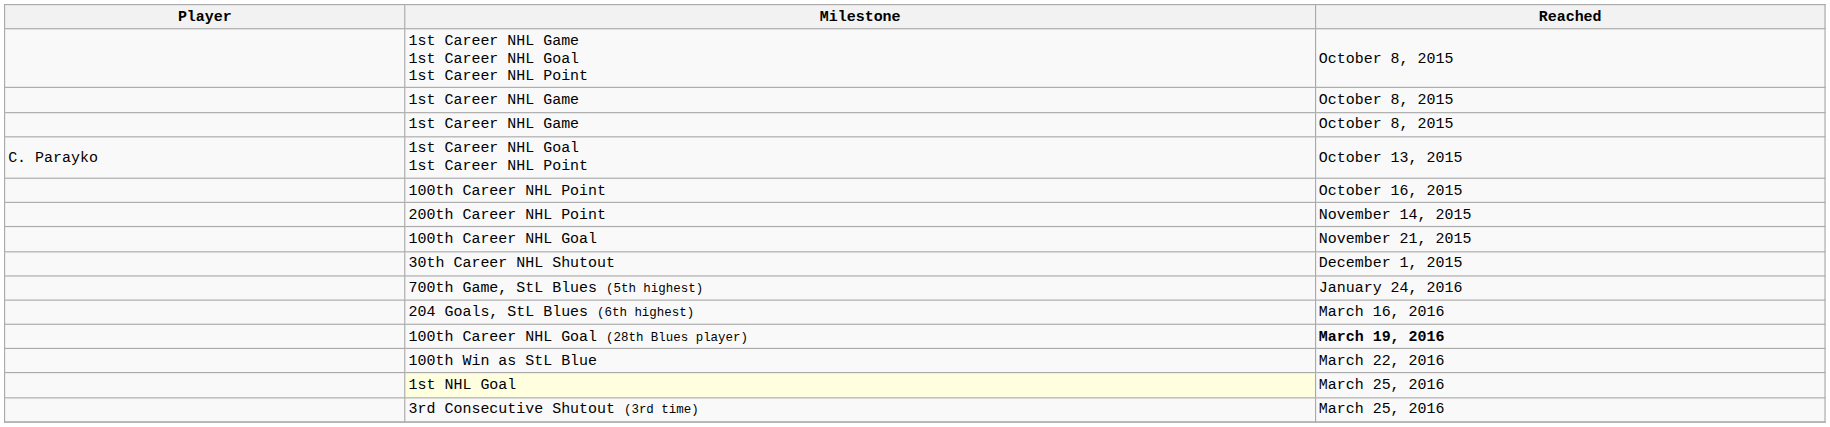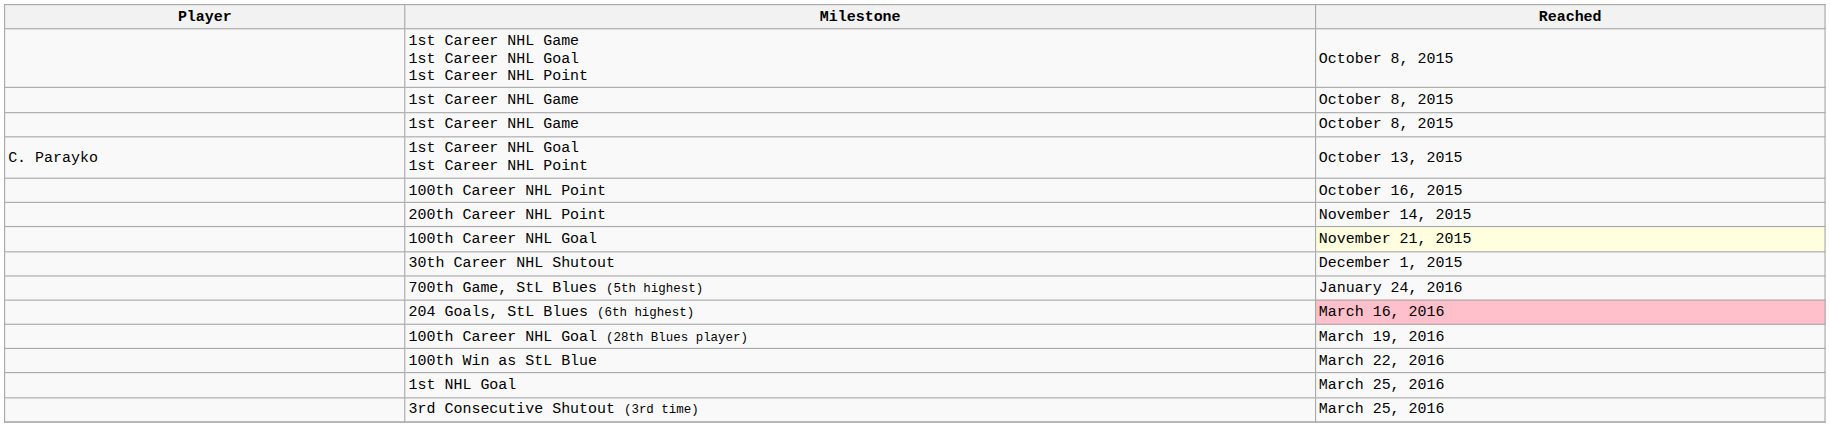 <table class="wikitable sortable" style="width:100%;">
 <tr align=center>
 <th style="width:22%;">Player</th>
 <th style="width:50%;">Milestone</th>
 <th style="width:28%;" data-sort-type="date">Reached</th>
 </tr>
 <tr>
 <td></td>
 <td>1st Career NHL Game<br>1st Career NHL Goal<br>1st Career NHL Point</td>
 <td>October 8, 2015</td>
 </tr>
 <tr>
 <td></td>
 <td>1st Career NHL Game</td>
 <td>October 8, 2015</td>
 </tr>
 <tr>
 <td></td>
 <td>1st Career NHL Game</td>
 <td>October 8, 2015</td>
 </tr>
 <tr>
 <td>C. Parayko</td>
 <td>1st Career NHL Goal<br>1st Career NHL Point</td>
 <td>October 13, 2015</td>
 </tr>
 <tr>
 <td></td>
 <td>100th Career NHL Point</td>
 <td>October 16, 2015</td>
 </tr>
 <tr>
 <td></td>
 <td>200th Career NHL Point</td>
 <td>November 14, 2015</td>
 </tr>
 <tr>
 <td></td>
 <td>100th Career NHL Goal</td>
-<td>November 21, 2015</td>
+<td style="background: lightyellow;">November 21, 2015</td>
 </tr>
 <tr>
 <td></td>
 <td>30th Career NHL Shutout</td>
 <td>December 1, 2015</td>
 </tr>
 <tr>
 <td></td>
 <td>700th Game, StL Blues <small>(5th highest)</small></td>
 <td>January 24, 2016</td>
 </tr>
 <tr>
 <td></td>
 <td>204 Goals, StL Blues <small>(6th highest)</small></td>
-<td>March 16, 2016</td>
+<td style="background: pink;">March 16, 2016</td>
 </tr>
 <tr>
 <td></td>
 <td>100th Career NHL Goal <small>(28th Blues player)</small></td>
-<td><strong>March 19, 2016</strong></td>
+<td>March 19, 2016</td>
 </tr>
 <tr>
 <td></td>
 <td>100th Win as StL Blue </td>
 <td>March 22, 2016</td>
 </tr>
 <tr>
 <td></td>
-<td style="background: lightyellow;">1st NHL Goal</td>
+<td>1st NHL Goal</td>
 <td>March 25, 2016</td>
 </tr>
 <tr>
 <td></td>
 <td>3rd Consecutive Shutout <small> (3rd time)</small> </td>
 <td>March 25, 2016</td>
 </tr>
 <tr>
 </tr>
 </table>
